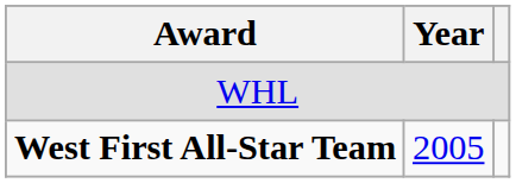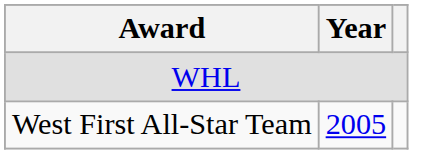 <table class="wikitable">
 <tr>
 <th>Award</th>
 <th>Year</th>
 <th></th>
 </tr>
 <tr ALIGN="center" bgcolor="#e0e0e0">
 <td colspan="3"><a href='#'>WHL</a></td>
 </tr>
 <tr>
-<td><strong>West First All-Star Team</strong></td>
+<td>West First All-Star Team</td>
 <td><a href='#'>2005</a></td>
 <td></td>
 </tr>
 </table>
